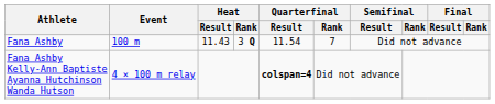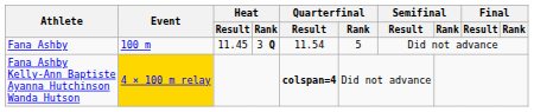 <table class=wikitable style="font-size:90%">
 <tr>
 <th rowspan="2">Athlete</th>
 <th rowspan="2">Event</th>
 <th colspan="2">Heat</th>
 <th colspan="2">Quarterfinal</th>
 <th colspan="2">Semifinal</th>
 <th colspan="2">Final</th>
 </tr>
 <tr style="font-size:95%">
 <th>Result</th>
 <th>Rank</th>
 <th>Result</th>
 <th>Rank</th>
 <th>Result</th>
 <th>Rank</th>
 <th>Result</th>
 <th>Rank</th>
 </tr>
 <tr align=center>
 <td align=left><a href='#'>Fana Ashby</a></td>
 <td align=left><a href='#'>100 m</a></td>
-<td>11.43</td>
+<td>11.45</td>
 <td>3 <strong>Q</strong></td>
 <td>11.54</td>
-<td>7</td>
+<td>5</td>
 <td colspan=4>Did not advance</td>
 </tr>
 <tr align=center>
 <td align=left><a href='#'>Fana Ashby</a><br><a href='#'>Kelly-Ann Baptiste</a><br><a href='#'>Ayanna Hutchinson</a><br><a href='#'>Wanda Hutson</a></td>
-<td align=left><a href='#'>4 × 100 m relay</a></td>
+<td align=left style="background: gold;"><a href='#'>4 × 100 m relay</a></td>
 <td colspan=2></td>
 <td><strong>colspan=4 </strong></td>
 <td colspan=2>Did not advance</td>
 </tr>
 </table>
